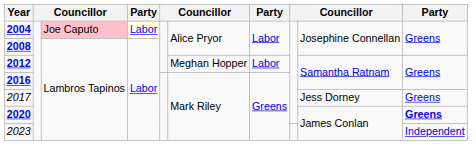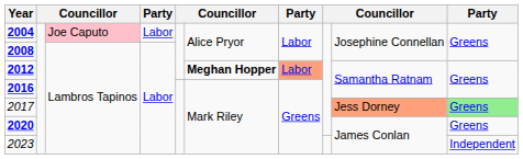 <table class="wikitable">
 <tr>
 <th>Year</th>
 <th colspan="2">Councillor</th>
 <th>Party</th>
 <th colspan="2">Councillor</th>
 <th>Party</th>
 <th colspan="2">Councillor</th>
 <th>Party</th>
 </tr>
 <tr>
 <td><strong><a href='#'>2004</a></strong></td>
 <td rowspan="11" width="1px" > </td>
 <td rowspan="1" style="background: pink;">Joe Caputo</td>
-<td rowspan="1" style="background: lightyellow;"><a href='#'>Labor</a></td>
+<td rowspan="1"><a href='#'>Labor</a></td>
 <td rowspan="3" width="1px" > </td>
 <td rowspan="2">Alice Pryor</td>
 <td rowspan="2"><a href='#'>Labor</a></td>
 <td rowspan="6" width="1px" > </td>
 <td rowspan="2">Josephine Connellan</td>
 <td rowspan="2"><a href='#'>Greens</a></td>
 </tr>
 <tr>
 <td><strong><a href='#'>2008</a></strong></td>
 <td rowspan="7">Lambros Tapinos</td>
 <td rowspan="7"><a href='#'>Labor</a></td>
 </tr>
 <tr>
 <td><strong><a href='#'>2012</a></strong></td>
-<td rowspan="1">Meghan Hopper</td>
-<td rowspan="1"><a href='#'>Labor</a></td>
+<td rowspan="1"><strong>Meghan Hopper</strong></td>
+<td rowspan="1" style="background: lightsalmon;"><a href='#'>Labor</a></td>
 <td rowspan="2"><a href='#'>Samantha Ratnam</a></td>
 <td rowspan="2"><a href='#'>Greens</a></td>
 </tr>
 <tr>
 <td><strong><a href='#'>2016</a></strong></td>
 <td rowspan="10" width="1px" > </td>
 <td rowspan="5">Mark Riley</td>
 <td rowspan="5"><a href='#'>Greens</a></td>
 </tr>
 <tr>
 <td><em>2017</em></td>
-<td rowspan="1">Jess Dorney</td>
-<td rowspan="1"><a href='#'>Greens</a></td>
+<td rowspan="1" style="background: lightsalmon;">Jess Dorney</td>
+<td rowspan="1" style="background: lightgreen;"><a href='#'>Greens</a></td>
 </tr>
 <tr>
 <td><strong><a href='#'>2020</a></strong></td>
 <td rowspan="3">James Conlan</td>
-<td rowspan="1"><strong><a href='#'>Greens</a></strong></td>
+<td rowspan="1"><a href='#'>Greens</a></td>
 </tr>
 <tr>
 <td><em>2023</em></td>
 <td rowspan="6" width="1px" > </td>
 <td rowspan="2"><a href='#'>Independent</a></td>
 </tr>
 </table>
